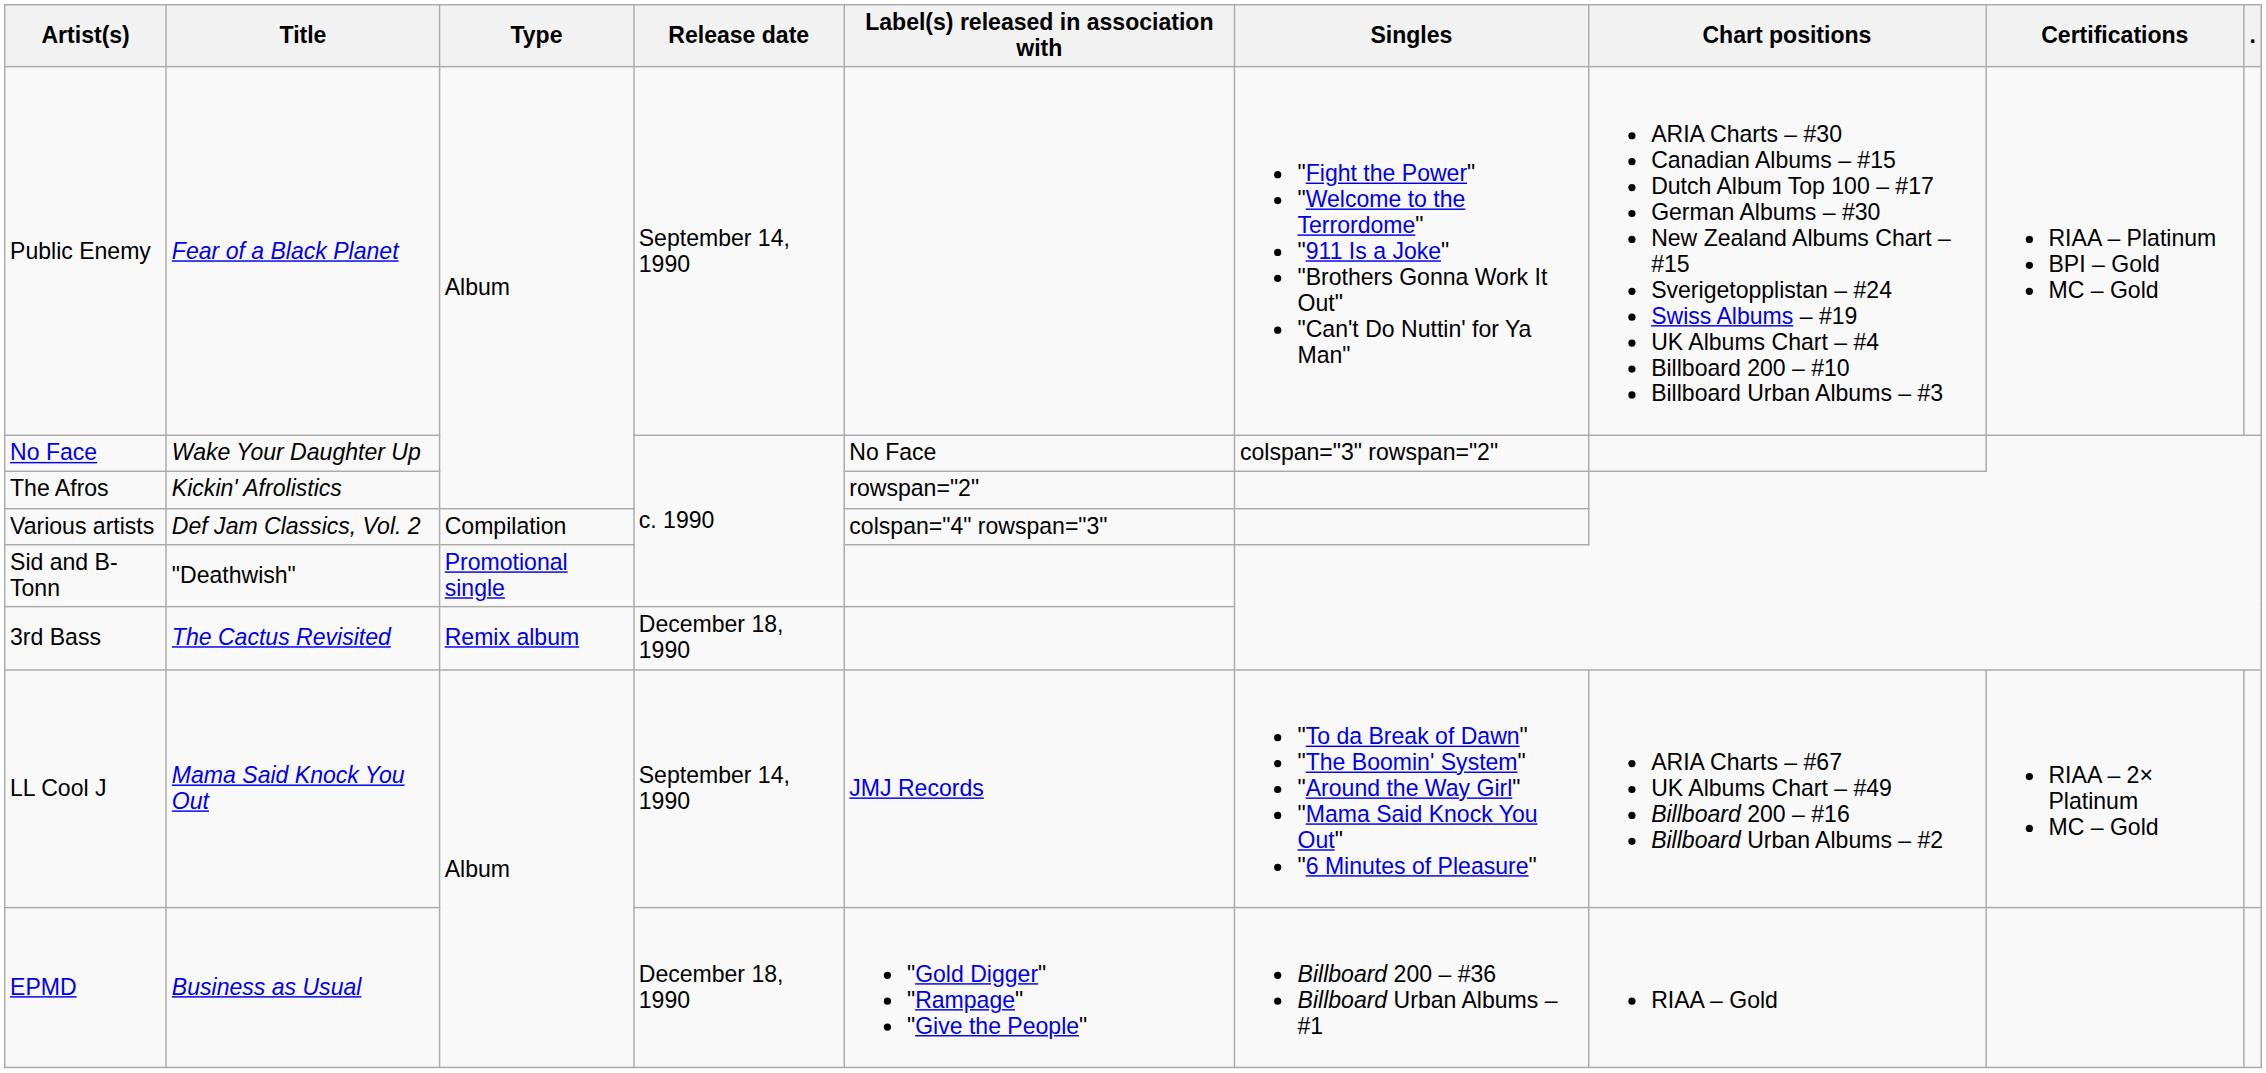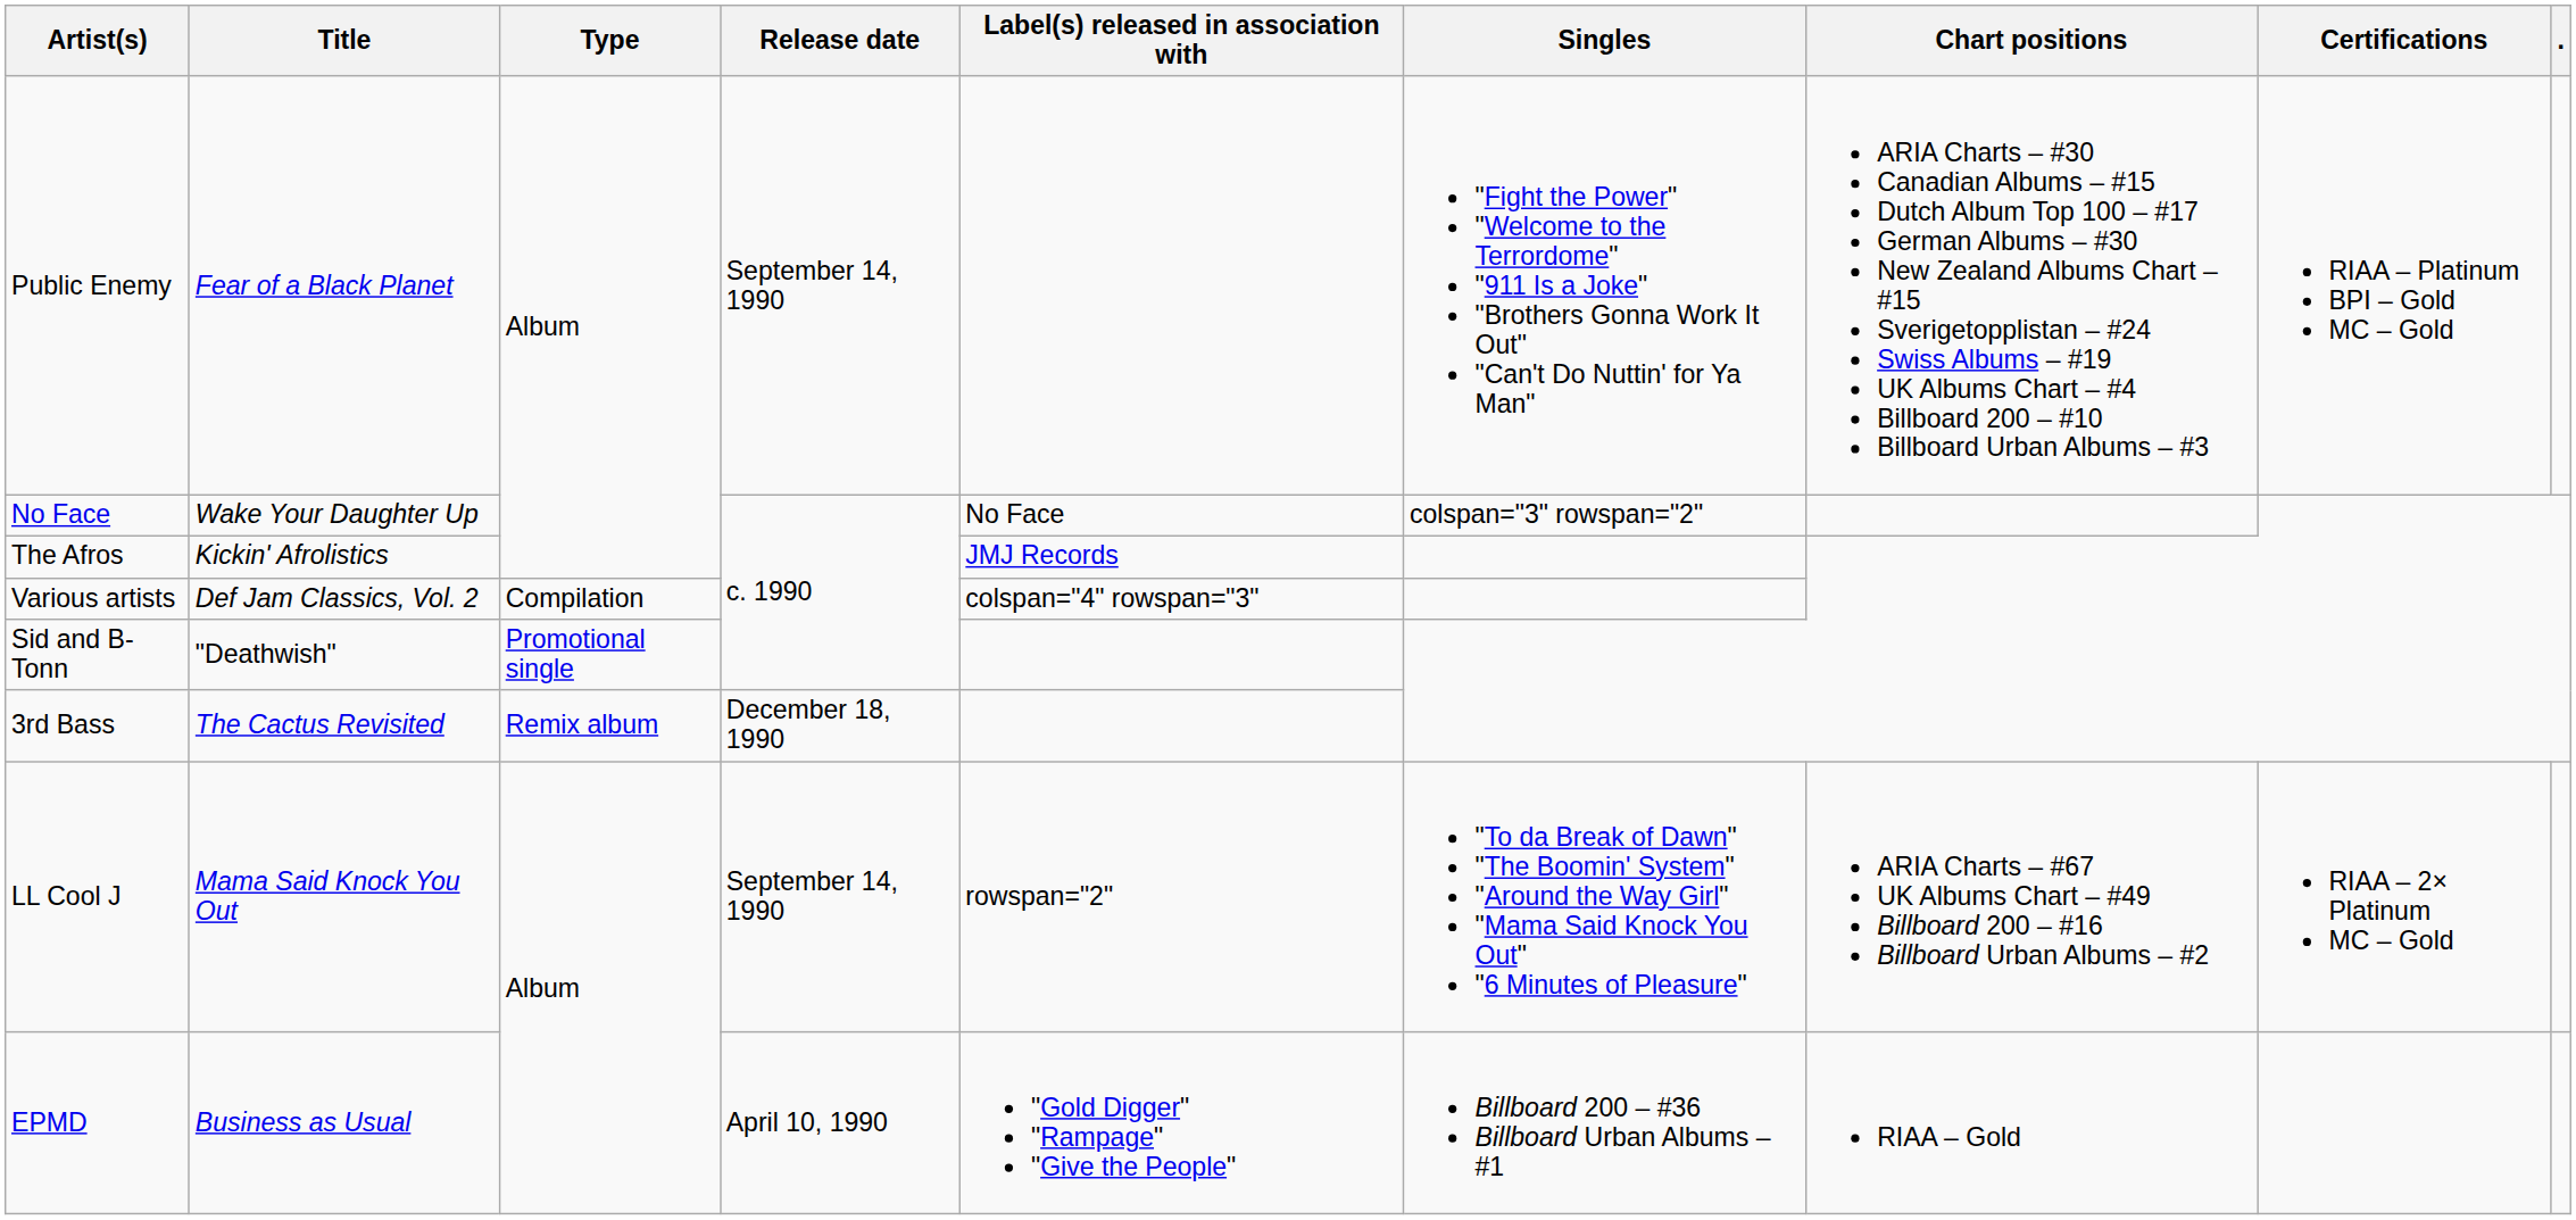 <table class="wikitable">
 <tr>
 <th>Artist(s)</th>
 <th>Title</th>
 <th>Type</th>
 <th>Release date</th>
 <th>Label(s) released in association with</th>
 <th>Singles</th>
 <th>Chart positions</th>
 <th>Certifications</th>
 <th>.</th>
 </tr>
 <tr>
 <td>Public Enemy</td>
 <td><em><a href='#'>Fear of a Black Planet</a></em></td>
 <td rowspan="3">Album</td>
 <td>September 14, 1990</td>
 <td></td>
 <td><br><ul><li>"<a href='#'>Fight the Power</a>"</li><li>"<a href='#'>Welcome to the Terrordome</a>"</li><li>"<a href='#'>911 Is a Joke</a>"</li><li>"Brothers Gonna Work It Out"</li><li>"Can't Do Nuttin' for Ya Man"</li></ul></td>
 <td><br><ul><li>ARIA Charts – #30</li><li>Canadian Albums – #15</li><li>Dutch Album Top 100 – #17</li><li>German Albums – #30</li><li>New Zealand Albums Chart – #15</li><li>Sverigetopplistan – #24</li><li><a href='#'>Swiss Albums</a> – #19</li><li>UK Albums Chart – #4</li><li>Billboard 200 – #10</li><li>Billboard Urban Albums – #3</li></ul></td>
 <td><br><ul><li>RIAA – Platinum</li><li>BPI – Gold</li><li>MC – Gold</li></ul></td>
 <td></td>
 </tr>
 <tr>
 <td><a href='#'>No Face</a></td>
 <td><em>Wake Your Daughter Up</em></td>
 <td rowspan="4">c. 1990</td>
 <td>No Face</td>
 <td>colspan="3" rowspan="2" </td>
 <td></td>
 </tr>
 <tr>
 <td>The Afros</td>
 <td><em>Kickin' Afrolistics</em></td>
-<td>rowspan="2" </td>
+<td><a href='#'>JMJ Records</a></td>
 <td></td>
 </tr>
 <tr>
 <td>Various artists</td>
 <td><em>Def Jam Classics, Vol. 2</em></td>
 <td>Compilation</td>
 <td>colspan="4" rowspan="3" </td>
 <td></td>
 </tr>
 <tr>
 <td>Sid and B-Tonn</td>
 <td>"Deathwish"</td>
 <td><a href='#'>Promotional single</a></td>
 <td></td>
 </tr>
 <tr>
 <td>3rd Bass</td>
 <td><em><a href='#'>The Cactus Revisited</a></em></td>
 <td><a href='#'>Remix album</a></td>
 <td>December 18, 1990</td>
 <td></td>
 </tr>
 <tr>
 <td>LL Cool J</td>
 <td><em><a href='#'>Mama Said Knock You Out</a></em></td>
 <td rowspan="2">Album</td>
 <td>September 14, 1990</td>
-<td><a href='#'>JMJ Records</a></td>
+<td>rowspan="2" </td>
 <td><br><ul><li>"<a href='#'>To da Break of Dawn</a>"</li><li>"<a href='#'>The Boomin' System</a>"</li><li>"<a href='#'>Around the Way Girl</a>"</li><li>"<a href='#'>Mama Said Knock You Out</a>"</li><li>"<a href='#'>6 Minutes of Pleasure</a>"</li></ul></td>
 <td><br><ul><li>ARIA Charts – #67</li><li>UK Albums Chart – #49</li><li><em>Billboard</em> 200 – #16</li><li><em>Billboard</em> Urban Albums – #2</li></ul></td>
 <td><br><ul><li>RIAA – 2× Platinum</li><li>MC – Gold</li></ul></td>
 <td></td>
 </tr>
 <tr>
 <td><a href='#'>EPMD</a></td>
 <td><a href='#'><em>Business as Usual</em></a></td>
-<td>December 18, 1990</td>
+<td>April 10, 1990</td>
 <td><br><ul><li>"<a href='#'>Gold Digger</a>"</li><li>"<a href='#'>Rampage</a>"</li><li>"<a href='#'>Give the People</a>"</li></ul></td>
 <td><br><ul><li><em>Billboard</em> 200 – #36</li><li><em>Billboard</em> Urban Albums – #1</li></ul></td>
 <td><br><ul><li>RIAA – Gold</li></ul></td>
 <td></td>
 </tr>
 </table>
